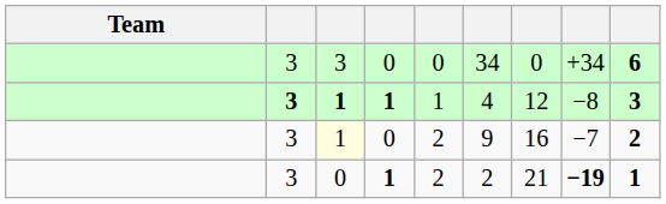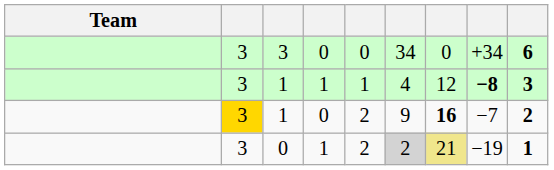 <table class="wikitable" style="text-align: center;">
 <tr>
 <th width="165">Team</th>
 <th width="25"></th>
 <th width="25"></th>
 <th width="25"></th>
 <th width="25"></th>
 <th width="25"></th>
 <th width="25"></th>
 <th width="25"></th>
 <th width="25"></th>
 </tr>
 <tr style="background:#ccffcc;">
 <td style="text-align:left;"></td>
 <td>3</td>
 <td>3</td>
 <td>0</td>
 <td>0</td>
 <td>34</td>
 <td>0</td>
 <td>+34</td>
 <td><strong>6</strong></td>
 </tr>
 <tr bgcolor=#ccffcc align=center>
 <td style="text-align:left;"></td>
-<td><strong>3</strong></td>
-<td><strong>1</strong></td>
-<td><strong>1</strong></td>
+<td>3</td>
+<td>1</td>
+<td>1</td>
 <td>1</td>
 <td>4</td>
 <td>12</td>
-<td>−8</td>
+<td><strong>−8</strong></td>
 <td><strong>3</strong></td>
 </tr>
 <tr align=center>
 <td style="text-align:left;"></td>
-<td>3</td>
-<td style="background: lightyellow;">1</td>
+<td style="background: gold;">3</td>
+<td>1</td>
 <td>0</td>
 <td>2</td>
 <td>9</td>
-<td>16</td>
+<td><strong>16</strong></td>
 <td>−7</td>
 <td><strong>2</strong></td>
 </tr>
 <tr align=center>
 <td style="text-align:left;"></td>
 <td>3</td>
 <td>0</td>
-<td><strong>1</strong></td>
+<td>1</td>
 <td>2</td>
-<td>2</td>
-<td>21</td>
-<td><strong>−19</strong></td>
+<td style="background: lightgrey;">2</td>
+<td style="background: khaki;">21</td>
+<td>−19</td>
 <td><strong>1</strong></td>
 </tr>
 </table>
